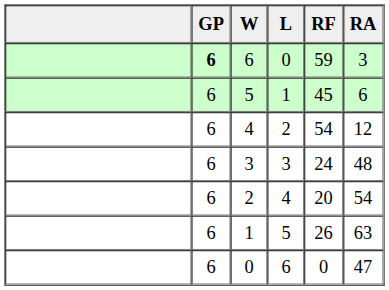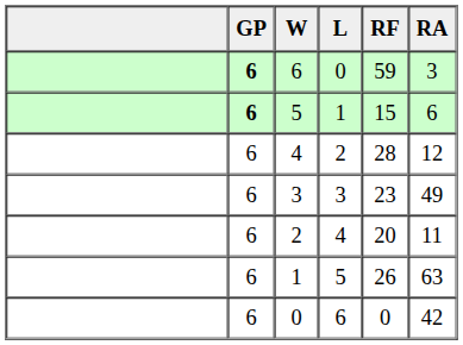 <table border=1 cellpadding=5 cellspacing=0>
 <tr>
 <th bgcolor="#efefef" width="150">　</th>
 <th bgcolor="#efefef" width="20">GP</th>
 <th bgcolor="#efefef" width="20">W</th>
 <th bgcolor="#efefef" width="20">L</th>
 <th bgcolor="#efefef" width="20">RF</th>
 <th bgcolor="#efefef" width="20">RA</th>
 </tr>
 <tr align=center bgcolor="#ccffcc">
 <td align=left></td>
 <td><strong>6</strong></td>
 <td>6</td>
 <td>0</td>
 <td>59</td>
 <td>3</td>
 </tr>
 <tr align=center bgcolor="#ccffcc">
 <td align=left></td>
-<td>6</td>
+<td><strong>6</strong></td>
 <td>5</td>
 <td>1</td>
-<td>45</td>
+<td>15</td>
 <td>6</td>
 </tr>
 <tr align=center bgcolor="#ffffff">
 <td align=left></td>
 <td>6</td>
 <td>4</td>
 <td>2</td>
-<td>54</td>
+<td>28</td>
 <td>12</td>
 </tr>
 <tr align=center bgcolor="#ffffff">
 <td align=left></td>
 <td>6</td>
 <td>3</td>
 <td>3</td>
-<td>24</td>
-<td>48</td>
+<td>23</td>
+<td>49</td>
 </tr>
 <tr align=center bgcolor="#ffffff">
 <td align=left></td>
 <td>6</td>
 <td>2</td>
 <td>4</td>
 <td>20</td>
-<td>54</td>
+<td>11</td>
 </tr>
 <tr align=center bgcolor="#ffffff">
 <td align=left></td>
 <td>6</td>
 <td>1</td>
 <td>5</td>
 <td>26</td>
 <td>63</td>
 </tr>
 <tr align=center bgcolor="#ffffff">
 <td align=left></td>
 <td>6</td>
 <td>0</td>
 <td>6</td>
 <td>0</td>
-<td>47</td>
+<td>42</td>
 </tr>
 </table>
